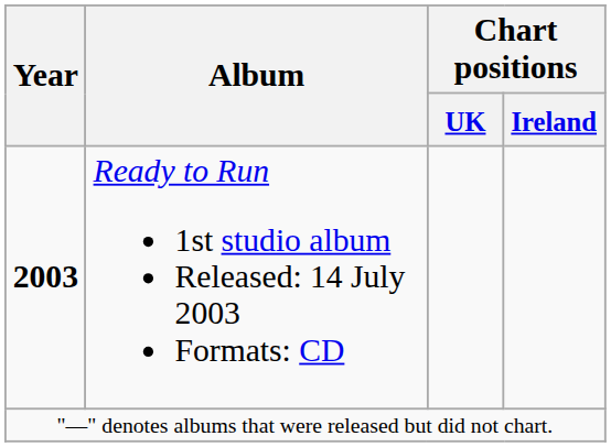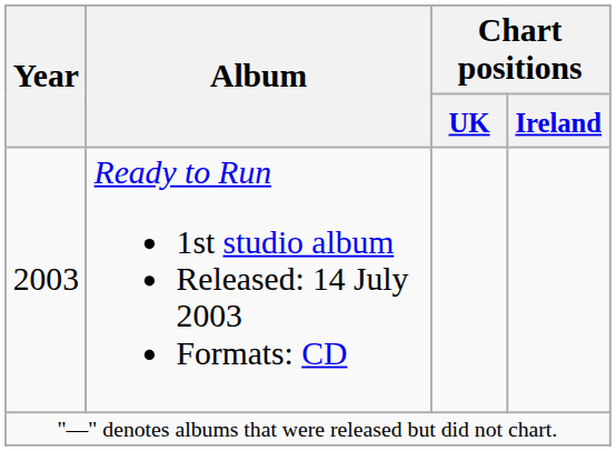 <table class="wikitable">
 <tr>
 <th style="width:25px;" rowspan="2">Year</th>
 <th style="width:160px;" rowspan="2">Album</th>
 <th colspan="2">Chart positions</th>
 </tr>
 <tr>
 <th style="width:30px;"><small><a href='#'>UK</a> </small></th>
 <th style="width:30px;"><small><a href='#'>Ireland</a></small></th>
 </tr>
 <tr>
-<td><strong>2003</strong></td>
+<td>2003</td>
 <td><em><a href='#'>Ready to Run</a></em><br><ul><li>1st <a href='#'>studio album</a></li><li>Released: 14 July 2003</li><li>Formats: <a href='#'>CD</a></li></ul></td>
 <td></td>
 <td></td>
 </tr>
 <tr>
 <td colspan="11" style="text-align:center; font-size:8pt;">"—" denotes albums that were released but did not chart.</td>
 </tr>
 </table>
